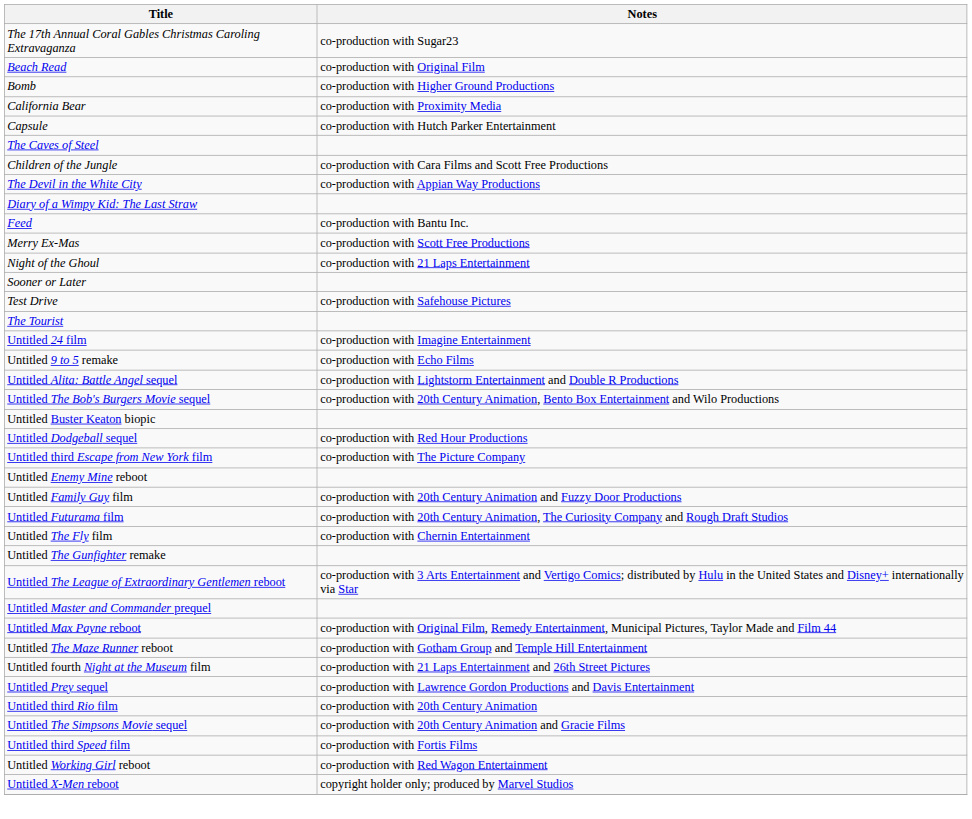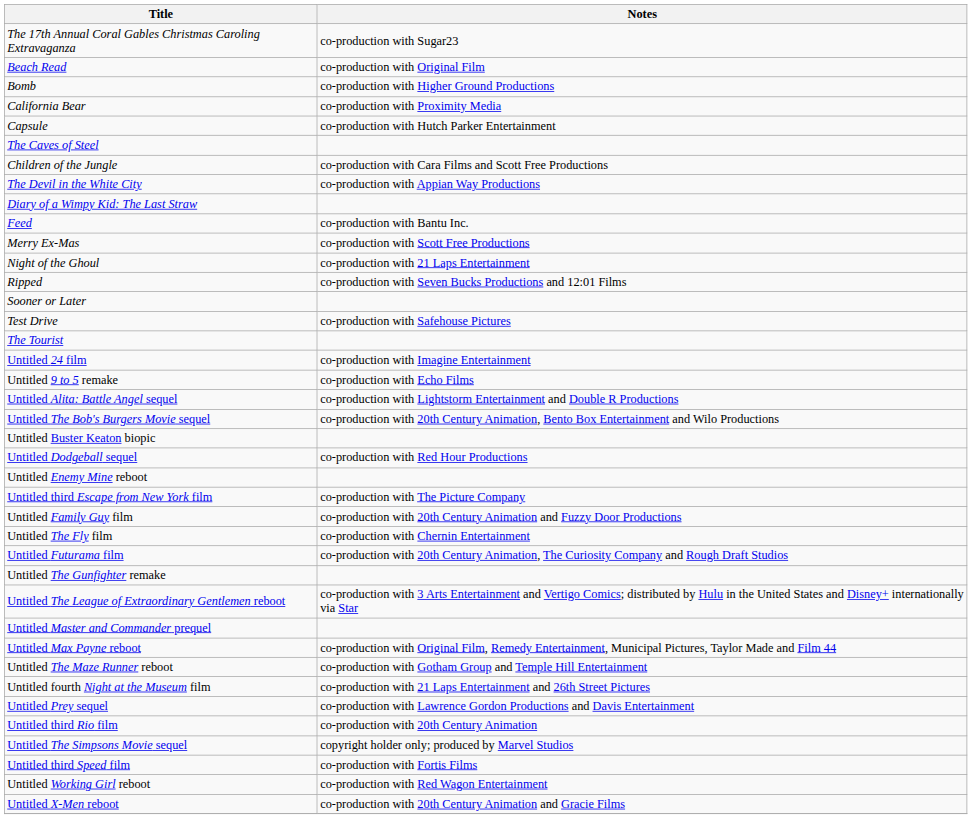 <table class="wikitable plainrowheaders sortable" style="width:99%;">
 <tr>
 <th scope="col">Title</th>
 <th scope="col" class="unsortable">Notes</th>
 </tr>
 <tr>
 <td scope="row"><em>The 17th Annual Coral Gables Christmas Caroling Extravaganza</em></td>
 <td>co-production with Sugar23</td>
 </tr>
 <tr>
 <td scope="row"><em><a href='#'>Beach Read</a></em></td>
 <td>co-production with <a href='#'>Original Film</a></td>
 </tr>
 <tr>
 <td scope="row"><em>Bomb</em></td>
 <td>co-production with <a href='#'>Higher Ground Productions</a></td>
 </tr>
 <tr>
 <td scope="row"><em>California Bear</em></td>
 <td>co-production with <a href='#'>Proximity Media</a></td>
 </tr>
 <tr>
 <td><em>Capsule</em></td>
 <td>co-production with Hutch Parker Entertainment</td>
 </tr>
 <tr>
 <td scope="row"><em><a href='#'>The Caves of Steel</a></em></td>
 <td></td>
 </tr>
 <tr>
 <td scope="row'"><em>Children of the Jungle</em></td>
 <td>co-production with Cara Films and Scott Free Productions</td>
 </tr>
 <tr>
 <td scope="row"><em><a href='#'>The Devil in the White City</a></em></td>
 <td>co-production with <a href='#'>Appian Way Productions</a></td>
 </tr>
 <tr>
 <td scope="row"><em><a href='#'>Diary of a Wimpy Kid: The Last Straw</a></em></td>
 <td></td>
 </tr>
 <tr>
 <td scope="row"><em><a href='#'>Feed</a></em></td>
 <td>co-production with Bantu Inc.</td>
 </tr>
 <tr>
 <td scope="row"><em>Merry Ex-Mas</em></td>
 <td>co-production with <a href='#'>Scott Free Productions</a></td>
 </tr>
 <tr>
 <td scope="row"><em>Night of the Ghoul</em></td>
 <td>co-production with <a href='#'>21 Laps Entertainment</a></td>
 </tr>
 <tr>
+<td scope="row"><em>Ripped</em></td>
+<td>co-production with <a href='#'>Seven Bucks Productions</a> and 12:01 Films</td>
+</tr>
+<tr>
 <td scope="row"><em>Sooner or Later</em></td>
 <td></td>
 </tr>
 <tr>
 <td scope="row"><em>Test Drive</em></td>
 <td>co-production with <a href='#'>Safehouse Pictures</a></td>
 </tr>
 <tr>
 <td scope="row"><em><a href='#'>The Tourist</a></em></td>
 <td></td>
 </tr>
 <tr>
 <td scope="row"><a href='#'>Untitled <em>24</em> film</a></td>
 <td>co-production with <a href='#'>Imagine Entertainment</a></td>
 </tr>
 <tr>
 <td scope="row">Untitled <em><a href='#'>9 to 5</a></em> remake</td>
 <td>co-production with <a href='#'>Echo Films</a></td>
 </tr>
 <tr>
 <td scope="row"><a href='#'>Untitled <em>Alita: Battle Angel</em> sequel</a></td>
 <td>co-production with <a href='#'>Lightstorm Entertainment</a> and <a href='#'>Double R Productions</a></td>
 </tr>
 <tr>
 <td scope="row"><a href='#'>Untitled <em>The Bob's Burgers Movie</em> sequel</a></td>
 <td>co-production with <a href='#'>20th Century Animation</a>, <a href='#'>Bento Box Entertainment</a> and Wilo Productions</td>
 </tr>
 <tr>
 <td scope="row">Untitled <a href='#'>Buster Keaton</a> biopic</td>
 <td></td>
 </tr>
 <tr>
 <td scope="row"><a href='#'>Untitled <em>Dodgeball</em> sequel</a></td>
 <td>co-production with <a href='#'>Red Hour Productions</a></td>
 </tr>
 <tr>
+<td scope="row">Untitled <em><a href='#'>Enemy Mine</a></em> reboot</td>
+<td></td>
+</tr>
+<tr>
 <td scope="row"><a href='#'>Untitled third <em>Escape from New York</em> film</a></td>
 <td>co-production with <a href='#'>The Picture Company</a></td>
-</tr>
-<tr>
-<td scope="row">Untitled <em><a href='#'>Enemy Mine</a></em> reboot</td>
-<td></td>
 </tr>
 <tr>
 <td scope="row">Untitled <em><a href='#'>Family Guy</a></em> film</td>
 <td>co-production with <a href='#'>20th Century Animation</a> and <a href='#'>Fuzzy Door Productions</a></td>
 </tr>
 <tr>
+<td scope="row">Untitled <em><a href='#'>The Fly</a></em> film</td>
+<td>co-production with <a href='#'>Chernin Entertainment</a></td>
+</tr>
+<tr>
 <td scope="row"><a href='#'>Untitled <em>Futurama</em> film</a></td>
 <td>co-production with <a href='#'>20th Century Animation</a>, <a href='#'>The Curiosity Company</a> and <a href='#'>Rough Draft Studios</a></td>
-</tr>
-<tr>
-<td scope="row">Untitled <em><a href='#'>The Fly</a></em> film</td>
-<td>co-production with <a href='#'>Chernin Entertainment</a></td>
 </tr>
 <tr>
 <td scope="row">Untitled <em><a href='#'>The Gunfighter</a></em> remake</td>
 <td></td>
 </tr>
 <tr>
 <td scope="row"><a href='#'>Untitled <em>The League of Extraordinary Gentlemen</em> reboot</a> </td>
 <td>co-production with <a href='#'>3 Arts Entertainment</a> and <a href='#'>Vertigo Comics</a>; distributed by <a href='#'>Hulu</a> in the United States and <a href='#'>Disney+</a> internationally via <a href='#'>Star</a></td>
 </tr>
 <tr>
 <td scope="row"><a href='#'>Untitled <em>Master and Commander</em> prequel</a></td>
 <td></td>
 </tr>
 <tr>
 <td scope="row"><a href='#'>Untitled <em>Max Payne</em> reboot</a></td>
 <td>co-production with <a href='#'>Original Film</a>, <a href='#'>Remedy Entertainment</a>, Municipal Pictures, Taylor Made and <a href='#'>Film 44</a></td>
 </tr>
 <tr>
 <td scope="row">Untitled <em><a href='#'>The Maze Runner</a></em> reboot</td>
 <td>co-production with <a href='#'>Gotham Group</a> and <a href='#'>Temple Hill Entertainment</a></td>
 </tr>
 <tr>
 <td scope="row">Untitled fourth <em><a href='#'>Night at the Museum</a></em> film</td>
 <td>co-production with <a href='#'>21 Laps Entertainment</a> and <a href='#'>26th Street Pictures</a></td>
 </tr>
 <tr>
 <td scope="row"><a href='#'>Untitled <em>Prey</em> sequel</a></td>
 <td>co-production with <a href='#'>Lawrence Gordon Productions</a> and <a href='#'>Davis Entertainment</a></td>
 </tr>
 <tr>
 <td scope="row"><a href='#'>Untitled third <em>Rio</em> film</a></td>
 <td>co-production with <a href='#'>20th Century Animation</a></td>
 </tr>
 <tr>
 <td scope="row"><a href='#'>Untitled <em>The Simpsons Movie</em> sequel</a></td>
-<td>co-production with <a href='#'>20th Century Animation</a> and <a href='#'>Gracie Films</a></td>
+<td>copyright holder only; produced by <a href='#'>Marvel Studios</a></td>
 </tr>
 <tr>
 <td scope="row"><a href='#'>Untitled third <em>Speed</em> film</a></td>
 <td>co-production with <a href='#'>Fortis Films</a></td>
 </tr>
 <tr>
 <td scope="row">Untitled <em><a href='#'>Working Girl</a></em> reboot</td>
 <td>co-production with <a href='#'>Red Wagon Entertainment</a></td>
 </tr>
 <tr>
 <td scope="row"><a href='#'>Untitled <em>X-Men</em> reboot</a></td>
-<td>copyright holder only; produced by <a href='#'>Marvel Studios</a></td>
+<td>co-production with <a href='#'>20th Century Animation</a> and <a href='#'>Gracie Films</a></td>
 </tr>
 <tr>
 </tr>
 </table>
